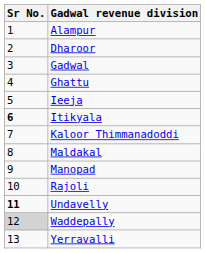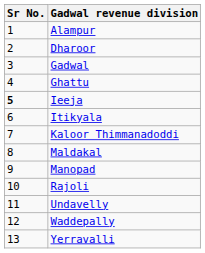 <table class="wikitable">
 <tr>
 <th>Sr No.</th>
 <th>Gadwal revenue division</th>
 </tr>
 <tr>
 <td>1</td>
 <td><a href='#'>Alampur</a></td>
 </tr>
 <tr>
 <td>2</td>
 <td><a href='#'>Dharoor</a></td>
 </tr>
 <tr>
 <td>3</td>
 <td><a href='#'>Gadwal</a></td>
 </tr>
 <tr>
 <td>4</td>
 <td><a href='#'>Ghattu</a></td>
 </tr>
 <tr>
-<td>5</td>
+<td><strong>5</strong></td>
 <td><a href='#'>Ieeja</a></td>
 </tr>
 <tr>
-<td><strong>6</strong></td>
+<td>6</td>
 <td><a href='#'>Itikyala</a></td>
 </tr>
 <tr>
 <td>7</td>
 <td><a href='#'>Kaloor Thimmanadoddi</a></td>
 </tr>
 <tr>
 <td>8</td>
 <td><a href='#'>Maldakal</a></td>
 </tr>
 <tr>
 <td>9</td>
 <td><a href='#'>Manopad</a></td>
 </tr>
 <tr>
 <td>10</td>
 <td><a href='#'>Rajoli</a></td>
 </tr>
 <tr>
-<td><strong>11</strong></td>
+<td>11</td>
 <td><a href='#'>Undavelly</a></td>
 </tr>
 <tr>
-<td style="background: lightgrey;">12</td>
+<td>12</td>
 <td><a href='#'>Waddepally</a></td>
 </tr>
 <tr>
 <td>13</td>
 <td><a href='#'>Yerravalli</a></td>
 </tr>
 </table>
